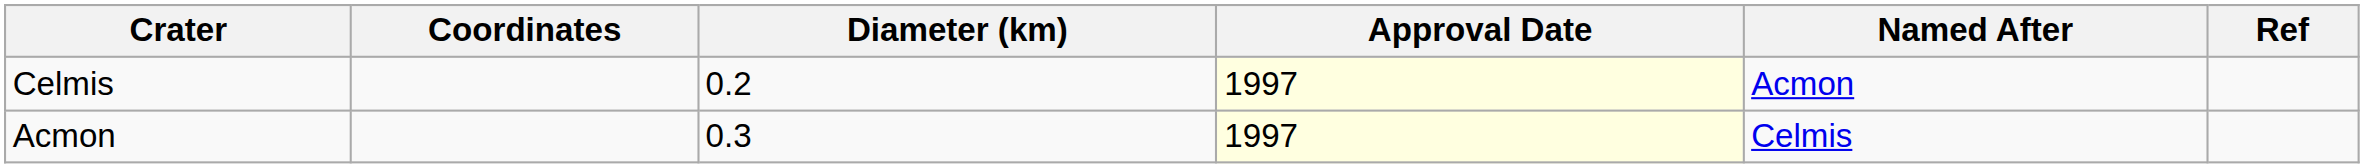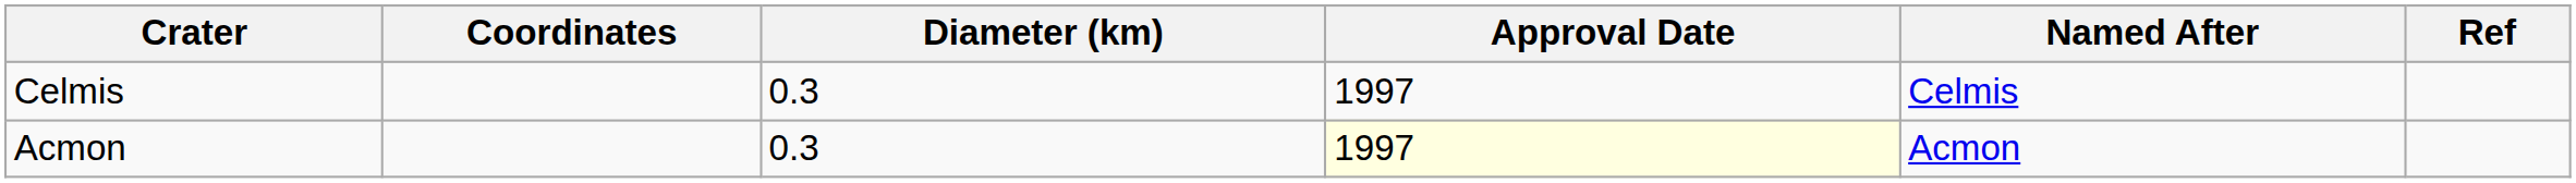 <table class="wikitable" style="min-width: 90%;">
 <tr>
 <th style="width:10em">Crater</th>
 <th style="width:10em">Coordinates</th>
 <th>Diameter (km)</th>
 <th>Approval Date</th>
 <th>Named After</th>
 <th>Ref</th>
 </tr>
 <tr>
 <td>Celmis</td>
 <td></td>
-<td>0.2</td>
-<td style="background: lightyellow;">1997</td>
-<td><a href='#'>Acmon</a></td>
+<td>0.3</td>
+<td>1997</td>
+<td><a href='#'>Celmis</a></td>
 <td></td>
 </tr>
 <tr>
 <td>Acmon</td>
 <td></td>
 <td>0.3</td>
 <td style="background: lightyellow;">1997</td>
-<td><a href='#'>Celmis</a></td>
+<td><a href='#'>Acmon</a></td>
 <td></td>
 </tr>
 </table>
